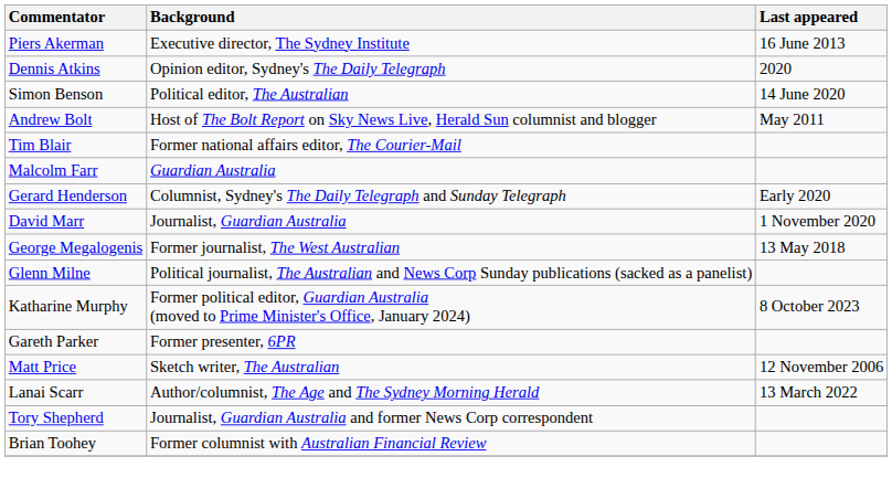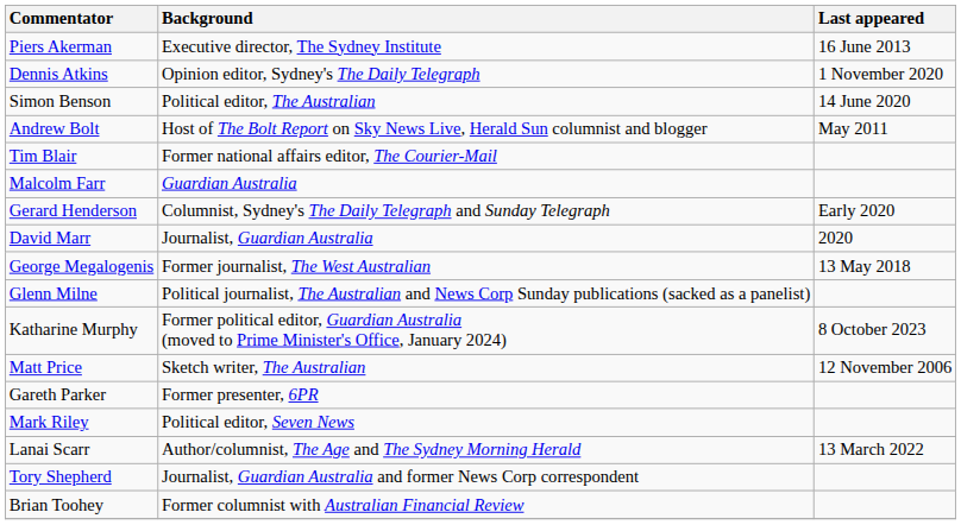 <table class="wikitable">
 <tr>
 <th style="text-align:left;">Commentator</th>
 <th style="text-align:left;">Background</th>
 <th style="text-align:left;">Last appeared</th>
 </tr>
 <tr>
 <td><a href='#'>Piers Akerman</a></td>
 <td>Executive director, <a href='#'>The Sydney Institute</a></td>
 <td>16 June 2013</td>
 </tr>
 <tr>
 <td><a href='#'>Dennis Atkins</a></td>
 <td>Opinion editor, Sydney's <em><a href='#'>The Daily Telegraph</a></em></td>
-<td>2020</td>
+<td>1 November 2020</td>
 </tr>
 <tr>
 <td>Simon Benson</td>
 <td>Political editor, <em><a href='#'>The Australian</a></em></td>
 <td>14 June 2020</td>
 </tr>
 <tr>
 <td><a href='#'>Andrew Bolt</a></td>
 <td>Host of <em><a href='#'>The Bolt Report</a></em> on <a href='#'>Sky News Live</a>, <a href='#'>Herald Sun</a> columnist and blogger</td>
 <td>May 2011</td>
 </tr>
 <tr>
 <td><a href='#'>Tim Blair</a></td>
 <td>Former national affairs editor, <em><a href='#'>The Courier-Mail</a></em></td>
 <td></td>
 </tr>
 <tr>
 <td><a href='#'>Malcolm Farr</a></td>
 <td><em><a href='#'>Guardian Australia</a></em></td>
 <td></td>
 </tr>
 <tr>
 <td><a href='#'>Gerard Henderson</a></td>
 <td>Columnist, Sydney's <em><a href='#'>The Daily Telegraph</a></em> and <em>Sunday Telegraph</em></td>
 <td>Early 2020</td>
 </tr>
 <tr>
 <td><a href='#'>David Marr</a></td>
 <td>Journalist, <em><a href='#'>Guardian Australia</a></em></td>
-<td>1 November 2020</td>
+<td>2020</td>
 </tr>
 <tr>
 <td><a href='#'>George Megalogenis</a></td>
 <td>Former journalist, <em><a href='#'>The West Australian</a></em></td>
 <td>13 May 2018</td>
 </tr>
 <tr>
 <td><a href='#'>Glenn Milne</a></td>
 <td>Political journalist, <em><a href='#'>The Australian</a></em> and <a href='#'>News Corp</a> Sunday publications (sacked as a panelist)</td>
 <td></td>
 </tr>
 <tr>
 <td>Katharine Murphy</td>
 <td>Former political editor, <em><a href='#'>Guardian Australia</a></em><br>(moved to <a href='#'>Prime Minister's Office</a>, January 2024)</td>
 <td>8 October 2023</td>
 </tr>
 <tr>
+<td><a href='#'>Matt Price</a></td>
+<td>Sketch writer, <em><a href='#'>The Australian</a></em></td>
+<td>12 November 2006</td>
+</tr>
+<tr>
 <td>Gareth Parker</td>
 <td>Former presenter, <em><a href='#'>6PR</a></em></td>
 <td></td>
 </tr>
 <tr>
-<td><a href='#'>Matt Price</a></td>
-<td>Sketch writer, <em><a href='#'>The Australian</a></em></td>
-<td>12 November 2006</td>
+<td><a href='#'>Mark Riley</a></td>
+<td>Political editor, <em><a href='#'>Seven News</a></em></td>
+<td></td>
 </tr>
 <tr>
 <td>Lanai Scarr</td>
 <td>Author/columnist, <em><a href='#'>The Age</a></em> and <em><a href='#'>The Sydney Morning Herald</a></em></td>
 <td>13 March 2022</td>
 </tr>
 <tr>
 <td><a href='#'>Tory Shepherd</a></td>
 <td>Journalist, <em><a href='#'>Guardian Australia</a></em> and former News Corp correspondent</td>
 <td></td>
 </tr>
 <tr>
 <td>Brian Toohey</td>
 <td>Former columnist with <em><a href='#'>Australian Financial Review</a></em></td>
 <td></td>
 </tr>
 <tr>
 </tr>
 </table>
